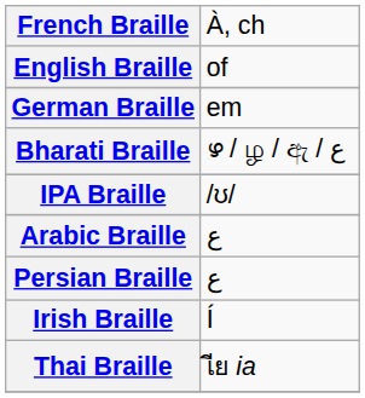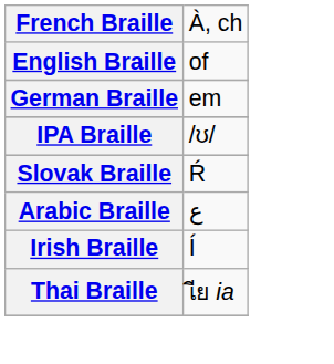 <table class="wikitable">
 <tr>
 <th align=left><a href='#'>French Braille</a></th>
 <td>À, ch</td>
 </tr>
 <tr>
 <th align=left><a href='#'>English Braille</a></th>
 <td>of</td>
 </tr>
 <tr>
 </tr>
 <tr>
 <th align=left><a href='#'>German Braille</a></th>
 <td>em</td>
 </tr>
 <tr>
-<th align=left><a href='#'>Bharati Braille</a></th>
-<td>ഴ / ழ / ඇ / ع ‎</td>
-</tr>
-<tr>
 </tr>
 <tr>
 <th align=left><a href='#'>IPA Braille</a></th>
 <td>/ʊ/</td>
 </tr>
 <tr>
 </tr>
 <tr>
-<th align=left><a href='#'>Arabic Braille</a></th>
-<td>ع</td>
+<th align=left><a href='#'>Slovak Braille</a></th>
+<td>Ŕ</td>
 </tr>
 <tr>
-<th align=left><a href='#'>Persian Braille</a></th>
+<th align=left><a href='#'>Arabic Braille</a></th>
 <td>ع</td>
 </tr>
 <tr>
 <th align=left><a href='#'>Irish Braille</a></th>
 <td>Í</td>
 </tr>
 <tr>
 <th align=left><a href='#'>Thai Braille</a></th>
 <td>เีย <em>ia</em></td>
 </tr>
 <tr>
 </tr>
 </table>
